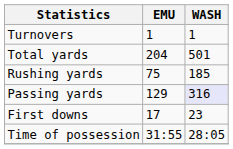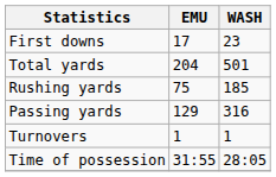 <table class="wikitable" style="float: left;">
 <tr>
 <th>Statistics</th>
 <th>EMU</th>
 <th>WASH</th>
 </tr>
 <tr>
-<td>Turnovers</td>
-<td>1</td>
-<td>1</td>
+<td>First downs</td>
+<td>17</td>
+<td>23</td>
 </tr>
 <tr>
 <td>Total yards</td>
 <td>204</td>
 <td>501</td>
 </tr>
 <tr>
 <td>Rushing yards</td>
 <td>75</td>
 <td>185</td>
 </tr>
 <tr>
 <td>Passing yards</td>
 <td>129</td>
-<td style="background: lavender;">316</td>
+<td>316</td>
 </tr>
 <tr>
-<td>First downs</td>
-<td>17</td>
-<td>23</td>
+<td>Turnovers</td>
+<td>1</td>
+<td>1</td>
 </tr>
 <tr>
 <td>Time of possession</td>
 <td>31:55</td>
 <td>28:05</td>
 </tr>
 <tr>
 </tr>
 </table>
